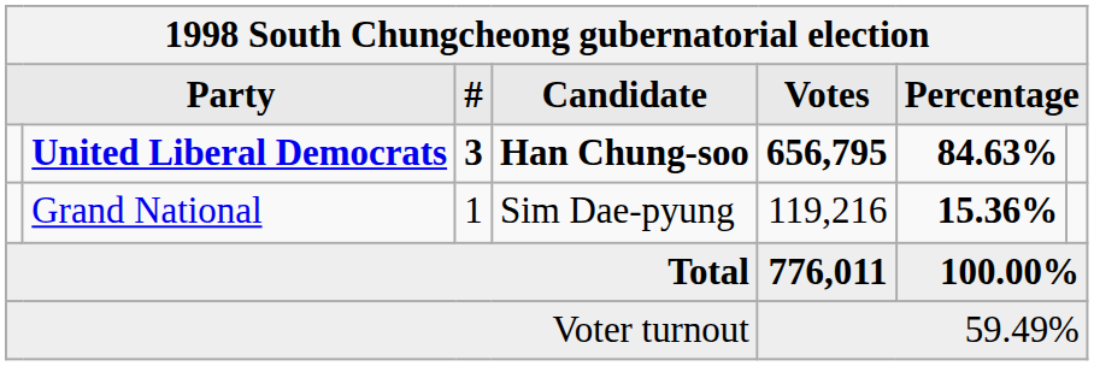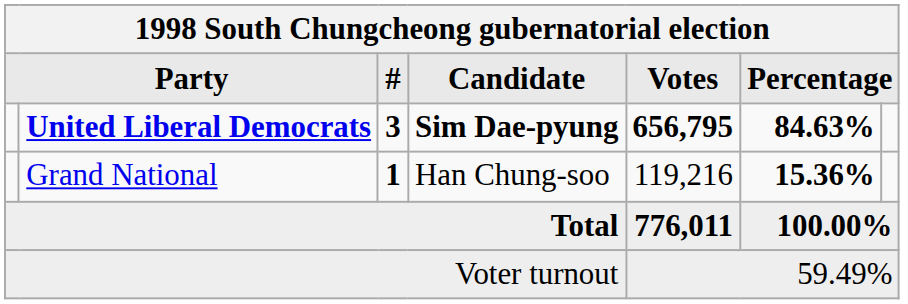 <table class="wikitable">
 <tr>
 <th colspan="7">1998 South Chungcheong gubernatorial election</th>
 </tr>
 <tr>
 <th style="background-color:#E9E9E9" colspan=2>Party</th>
 <th style="background-color:#E9E9E9">#</th>
 <th style="background-color:#E9E9E9">Candidate</th>
 <th style="background-color:#E9E9E9">Votes</th>
 <th style="background-color:#E9E9E9" colspan=2>Percentage</th>
 </tr>
 <tr style="font-weight:bold">
 <td></td>
 <td align=left><a href='#'>United Liberal Democrats</a></td>
 <td align=center>3</td>
-<td align=left>Han Chung-soo</td>
+<td align=left>Sim Dae-pyung</td>
 <td align=right>656,795</td>
 <td align=right>84.63%</td>
 <td align=right></td>
 </tr>
 <tr>
 <td></td>
 <td align=left><a href='#'>Grand National</a></td>
-<td align=center>1</td>
-<td align=left>Sim Dae-pyung</td>
+<td align=center><strong>1</strong></td>
+<td align=left>Han Chung-soo</td>
 <td align=right>119,216</td>
 <td align=right><strong>15.36%</strong></td>
 <td align=right></td>
 </tr>
 <tr bgcolor="#EEEEEE" style="font-weight:bold">
 <td colspan="4" align=right>Total</td>
 <td align=right>776,011</td>
 <td align=right colspan=2>100.00%</td>
 </tr>
 <tr bgcolor="#EEEEEE">
 <td colspan="4" align="right">Voter turnout</td>
 <td colspan="3" align="right">59.49%</td>
 </tr>
 </table>
